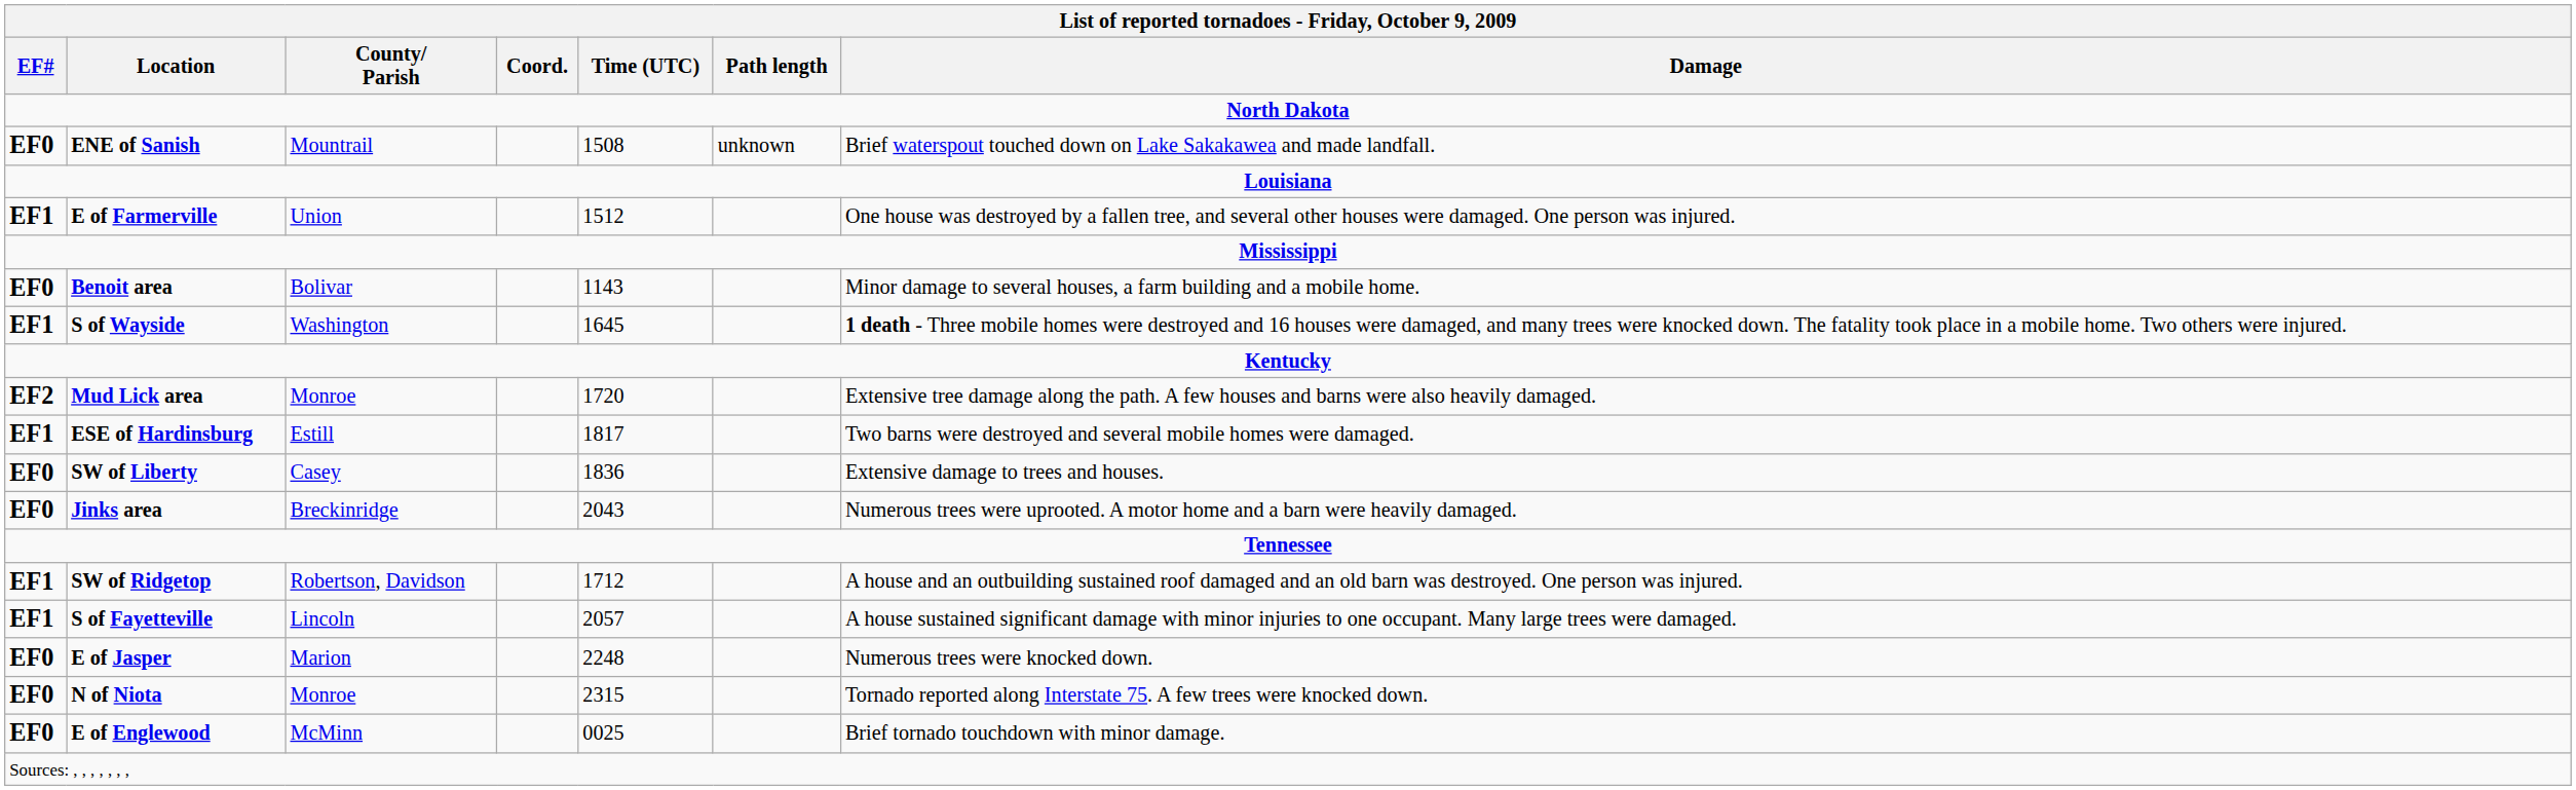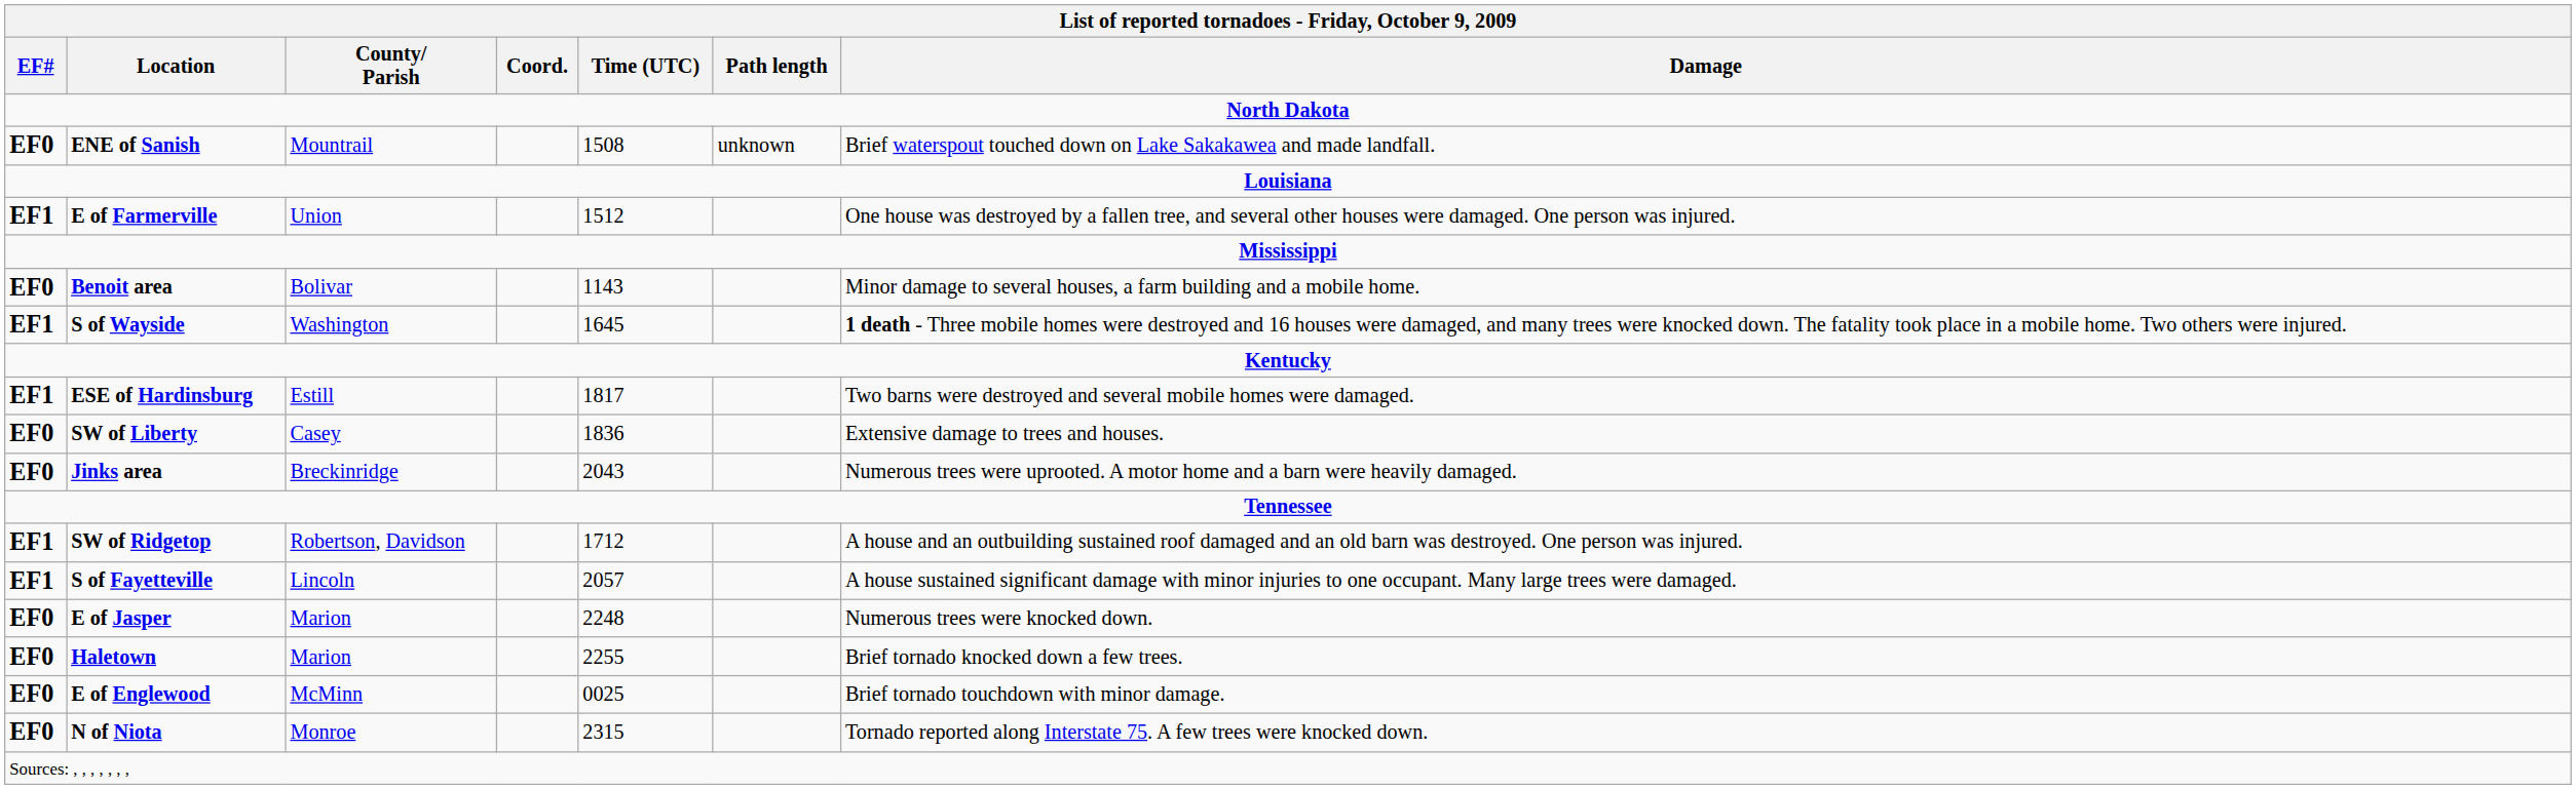 <table class="wikitable collapsible" width="100%">
 <tr>
 <th colspan="7">List of reported tornadoes - Friday, October 9, 2009</th>
 </tr>
 <tr>
 <th><a href='#'>EF#</a></th>
 <th>Location</th>
 <th>County/<br>Parish</th>
 <th>Coord.</th>
 <th>Time (UTC)</th>
 <th>Path length</th>
 <th>Damage</th>
 </tr>
 <tr>
 <td colspan="7" align=center><strong><a href='#'>North Dakota</a></strong></td>
 </tr>
 <tr>
 <td><big><strong>EF0</strong></big></td>
 <td><strong>ENE of <a href='#'>Sanish</a></strong></td>
 <td><a href='#'>Mountrail</a></td>
 <td></td>
 <td>1508</td>
 <td>unknown</td>
 <td>Brief <a href='#'>waterspout</a> touched down on <a href='#'>Lake Sakakawea</a> and made landfall.</td>
 </tr>
 <tr>
 <td colspan="7" align=center><strong><a href='#'>Louisiana</a></strong></td>
 </tr>
 <tr>
 <td><big><strong>EF1</strong></big></td>
 <td><strong>E of <a href='#'>Farmerville</a></strong></td>
 <td><a href='#'>Union</a></td>
 <td></td>
 <td>1512</td>
 <td></td>
 <td>One house was destroyed by a fallen tree, and several other houses were damaged. One person was injured.</td>
 </tr>
 <tr>
 <td colspan="7" align=center><strong><a href='#'>Mississippi</a></strong></td>
 </tr>
 <tr>
 <td><big><strong>EF0</strong></big></td>
 <td><strong><a href='#'>Benoit</a> area</strong></td>
 <td><a href='#'>Bolivar</a></td>
 <td></td>
 <td>1143</td>
 <td></td>
 <td>Minor damage to several houses, a farm building and a mobile home.</td>
 </tr>
 <tr>
 <td><big><strong>EF1</strong></big></td>
 <td><strong>S of <a href='#'>Wayside</a></strong></td>
 <td><a href='#'>Washington</a></td>
 <td></td>
 <td>1645</td>
 <td></td>
 <td><strong>1 death</strong> - Three mobile homes were destroyed and 16 houses were damaged, and many trees were knocked down. The fatality took place in a mobile home. Two others were injured.</td>
 </tr>
 <tr>
 <td colspan="7" align=center><strong><a href='#'>Kentucky</a></strong></td>
 </tr>
 <tr>
-<td><big><strong>EF2</strong></big></td>
-<td><strong><a href='#'>Mud Lick</a> area</strong></td>
-<td><a href='#'>Monroe</a></td>
-<td></td>
-<td>1720</td>
-<td></td>
-<td>Extensive tree damage along the path. A few houses and barns were also heavily damaged.</td>
-</tr>
-<tr>
 <td><big><strong>EF1</strong></big></td>
 <td><strong>ESE of <a href='#'>Hardinsburg</a></strong></td>
 <td><a href='#'>Estill</a></td>
 <td></td>
 <td>1817</td>
 <td></td>
 <td>Two barns were destroyed and several mobile homes were damaged.</td>
 </tr>
 <tr>
 <td><big><strong>EF0</strong></big></td>
 <td><strong>SW of <a href='#'>Liberty</a></strong></td>
 <td><a href='#'>Casey</a></td>
 <td></td>
 <td>1836</td>
 <td></td>
 <td>Extensive damage to trees and houses.</td>
 </tr>
 <tr>
 <td><big><strong>EF0</strong></big></td>
 <td><strong><a href='#'>Jinks</a> area</strong></td>
 <td><a href='#'>Breckinridge</a></td>
 <td></td>
 <td>2043</td>
 <td></td>
 <td>Numerous trees were uprooted. A motor home and a barn were heavily damaged.</td>
 </tr>
 <tr>
 <td colspan="7" align=center><strong><a href='#'>Tennessee</a></strong></td>
 </tr>
 <tr>
 <td><big><strong>EF1</strong></big></td>
 <td><strong>SW of <a href='#'>Ridgetop</a></strong></td>
 <td><a href='#'>Robertson</a>, <a href='#'>Davidson</a></td>
 <td></td>
 <td>1712</td>
 <td></td>
 <td>A house and an outbuilding sustained roof damaged and an old barn was destroyed. One person was injured.</td>
 </tr>
 <tr>
 <td><big><strong>EF1</strong></big></td>
 <td><strong>S of <a href='#'>Fayetteville</a></strong></td>
 <td><a href='#'>Lincoln</a></td>
 <td></td>
 <td>2057</td>
 <td></td>
 <td>A house sustained significant damage with minor injuries to one occupant. Many large trees were damaged.</td>
 </tr>
 <tr>
 <td><big><strong>EF0</strong></big></td>
 <td><strong>E of <a href='#'>Jasper</a></strong></td>
 <td><a href='#'>Marion</a></td>
 <td></td>
 <td>2248</td>
 <td></td>
 <td>Numerous trees were knocked down.</td>
 </tr>
 <tr>
 <td><big><strong>EF0</strong></big></td>
-<td><strong>N of <a href='#'>Niota</a></strong></td>
-<td><a href='#'>Monroe</a></td>
+<td><strong><a href='#'>Haletown</a></strong></td>
+<td><a href='#'>Marion</a></td>
 <td></td>
-<td>2315</td>
+<td>2255</td>
 <td></td>
-<td>Tornado reported along <a href='#'>Interstate 75</a>. A few trees were knocked down.</td>
+<td>Brief tornado knocked down a few trees.</td>
 </tr>
 <tr>
 <td><big><strong>EF0</strong></big></td>
 <td><strong>E of <a href='#'>Englewood</a></strong></td>
 <td><a href='#'>McMinn</a></td>
 <td></td>
 <td>0025</td>
 <td></td>
 <td>Brief tornado touchdown with minor damage.</td>
 </tr>
 <tr>
+<td><big><strong>EF0</strong></big></td>
+<td><strong>N of <a href='#'>Niota</a></strong></td>
+<td><a href='#'>Monroe</a></td>
+<td></td>
+<td>2315</td>
+<td></td>
+<td>Tornado reported along <a href='#'>Interstate 75</a>. A few trees were knocked down.</td>
+</tr>
+<tr>
 <td colspan="7"><small>Sources: , , , , , , , </small></td>
 </tr>
 </table>
